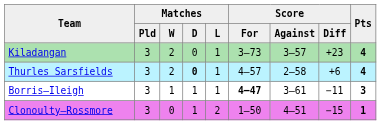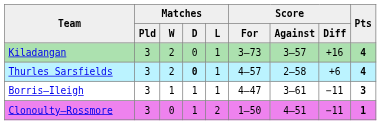 <table style=border-collapse:collapse border=1 cellspacing=0 cellpadding=5>
 <tr align=center bgcolor=#efefef>
 <th rowspan=2 width=165>Team</th>
 <th colspan=4>Matches</th>
 <th colspan=3>Score</th>
 <th rowspan=2width=20>Pts</th>
 </tr>
 <tr align=center bgcolor=#efefef>
 <th width=20>Pld</th>
 <th width=20>W</th>
 <th width=20>D</th>
 <th width=20>L</th>
 <th width=45>For</th>
 <th width=45>Against</th>
 <th width=30>Diff</th>
 </tr>
 <tr align=center style="background:#ACE1AF;">
 <td style="text-align:left;"> <a href='#'>Kiladangan</a></td>
 <td>3</td>
 <td>2</td>
 <td>0</td>
 <td>1</td>
 <td>3–73</td>
 <td>3–57</td>
-<td>+23</td>
+<td>+16</td>
 <td><strong>4</strong></td>
 </tr>
 <tr align=center style="background:#BBF3FF;">
 <td style="text-align:left;"> <a href='#'>Thurles Sarsfields</a></td>
 <td>3</td>
 <td>2</td>
 <td><strong>0</strong></td>
 <td>1</td>
 <td>4–57</td>
 <td>2–58</td>
 <td>+6</td>
 <td><strong>4</strong></td>
 </tr>
 <tr align=center>
 <td style="text-align:left;"> <a href='#'>Borris–Ileigh</a></td>
 <td>3</td>
 <td>1</td>
 <td>1</td>
 <td>1</td>
-<td><strong>4–47</strong></td>
+<td>4–47</td>
 <td>3–61</td>
 <td>−11</td>
 <td><strong>3</strong></td>
 </tr>
 <tr align=center style="background:#EE82EE;">
 <td style="text-align:left;"> <a href='#'>Clonoulty–Rossmore</a></td>
 <td>3</td>
 <td>0</td>
 <td>1</td>
 <td>2</td>
 <td>1–50</td>
 <td>4–51</td>
-<td>−15</td>
+<td>−11</td>
 <td><strong>1</strong></td>
 </tr>
 </table>
